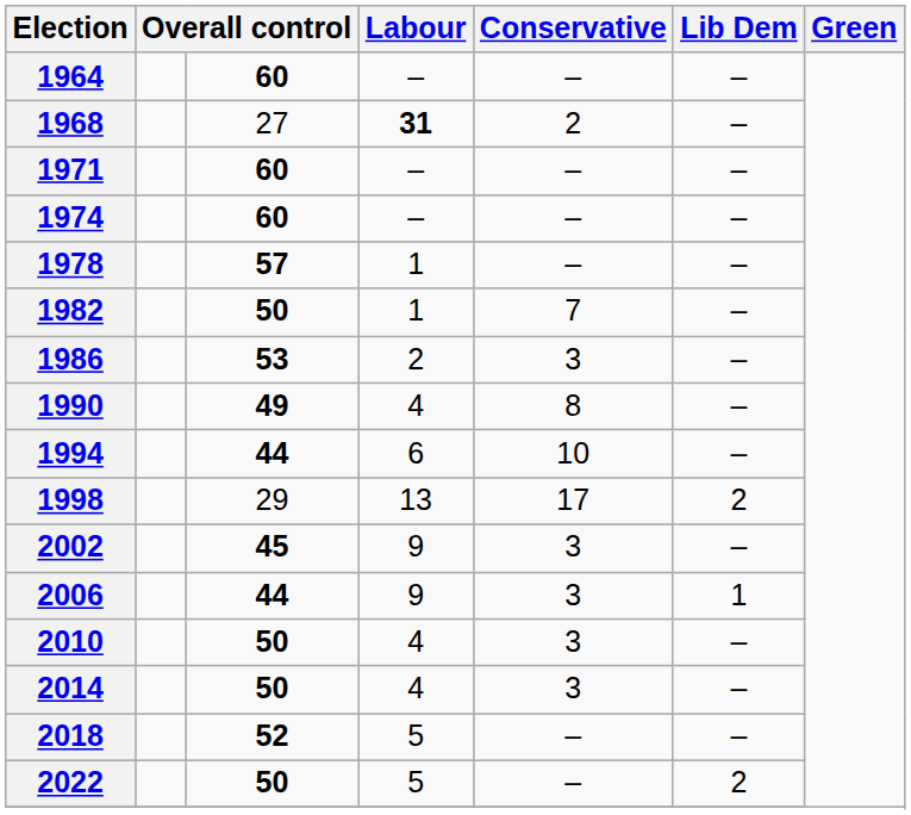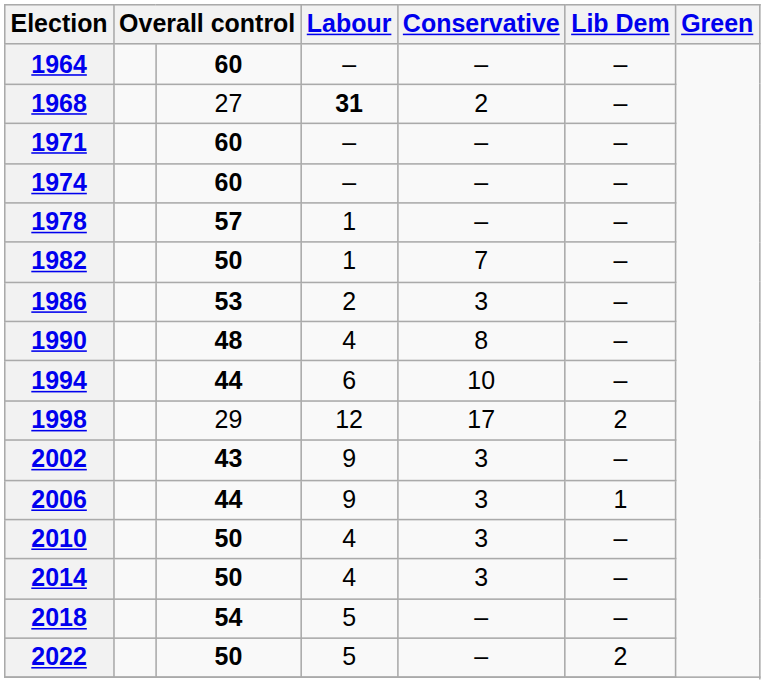 <table class="wikitable">
 <tr>
 <th>Election</th>
 <th colspan=2>Overall control</th>
 <th><a href='#'>Labour</a></th>
 <th><a href='#'>Conservative</a></th>
 <th><a href='#'>Lib Dem</a></th>
 <th><a href='#'>Green</a></th>
 </tr>
 <tr>
 <th><a href='#'>1964</a></th>
 <td></td>
 <td style="text-align: center;"><strong>60</strong></td>
 <td style="text-align: center;">–</td>
 <td style="text-align: center;">–</td>
 <td style="text-align: center;">–</td>
 </tr>
 <tr>
 <th><a href='#'>1968</a></th>
 <td></td>
 <td style="text-align: center;">27</td>
 <td style="text-align: center;"><strong>31</strong></td>
 <td style="text-align: center;">2</td>
 <td style="text-align: center;">–</td>
 </tr>
 <tr>
 <th><a href='#'>1971</a></th>
 <td></td>
 <td style="text-align: center;"><strong>60</strong></td>
 <td style="text-align: center;">–</td>
 <td style="text-align: center;">–</td>
 <td style="text-align: center;">–</td>
 </tr>
 <tr>
 <th><a href='#'>1974</a></th>
 <td></td>
 <td style="text-align: center;"><strong>60</strong></td>
 <td style="text-align: center;">–</td>
 <td style="text-align: center;">–</td>
 <td style="text-align: center;">–</td>
 </tr>
 <tr>
 <th><a href='#'>1978</a></th>
 <td></td>
 <td style="text-align: center;"><strong>57</strong></td>
 <td style="text-align: center;">1</td>
 <td style="text-align: center;">–</td>
 <td style="text-align: center;">–</td>
 </tr>
 <tr>
 <th><a href='#'>1982</a></th>
 <td></td>
 <td style="text-align: center;"><strong>50</strong></td>
 <td style="text-align: center;">1</td>
 <td style="text-align: center;">7</td>
 <td style="text-align: center;">–</td>
 </tr>
 <tr>
 <th><a href='#'>1986</a></th>
 <td></td>
 <td style="text-align: center;"><strong>53</strong></td>
 <td style="text-align: center;">2</td>
 <td style="text-align: center;">3</td>
 <td style="text-align: center;">–</td>
 </tr>
 <tr>
 <th><a href='#'>1990</a></th>
 <td></td>
-<td style="text-align: center;"><strong>49</strong></td>
+<td style="text-align: center;"><strong>48</strong></td>
 <td style="text-align: center;">4</td>
 <td style="text-align: center;">8</td>
 <td style="text-align: center;">–</td>
 </tr>
 <tr>
 <th><a href='#'>1994</a></th>
 <td></td>
 <td style="text-align: center;"><strong>44</strong></td>
 <td style="text-align: center;">6</td>
 <td style="text-align: center;">10</td>
 <td style="text-align: center;">–</td>
 </tr>
 <tr>
 <th><a href='#'>1998</a></th>
 <td></td>
 <td style="text-align: center;">29</td>
-<td style="text-align: center;">13</td>
+<td style="text-align: center;">12</td>
 <td style="text-align: center;">17</td>
 <td style="text-align: center;">2</td>
 </tr>
 <tr>
 <th><a href='#'>2002</a></th>
 <td></td>
-<td style="text-align: center;"><strong>45</strong></td>
+<td style="text-align: center;"><strong>43</strong></td>
 <td style="text-align: center;">9</td>
 <td style="text-align: center;">3</td>
 <td style="text-align: center;">–</td>
 </tr>
 <tr>
 <th><a href='#'>2006</a></th>
 <td></td>
 <td style="text-align: center;"><strong>44</strong></td>
 <td style="text-align: center;">9</td>
 <td style="text-align: center;">3</td>
 <td style="text-align: center;">1</td>
 </tr>
 <tr>
 <th><a href='#'>2010</a></th>
 <td></td>
 <td style="text-align: center;"><strong>50</strong></td>
 <td style="text-align: center;">4</td>
 <td style="text-align: center;">3</td>
 <td style="text-align: center;">–</td>
 </tr>
 <tr>
 <th><a href='#'>2014</a></th>
 <td></td>
 <td style="text-align: center;"><strong>50</strong></td>
 <td style="text-align: center;">4</td>
 <td style="text-align: center;">3</td>
 <td style="text-align: center;">–</td>
 </tr>
 <tr>
 <th><a href='#'>2018</a></th>
 <td></td>
-<td style="text-align: center;"><strong>52</strong></td>
+<td style="text-align: center;"><strong>54</strong></td>
 <td style="text-align: center;">5</td>
 <td style="text-align: center;">–</td>
 <td style="text-align: center;">–</td>
 </tr>
 <tr>
 <th><a href='#'>2022</a></th>
 <td></td>
 <td style="text-align: center;"><strong>50</strong></td>
 <td style="text-align: center;">5</td>
 <td style="text-align: center;">–</td>
 <td style="text-align: center;">2</td>
 </tr>
 <tr>
 </tr>
 </table>
